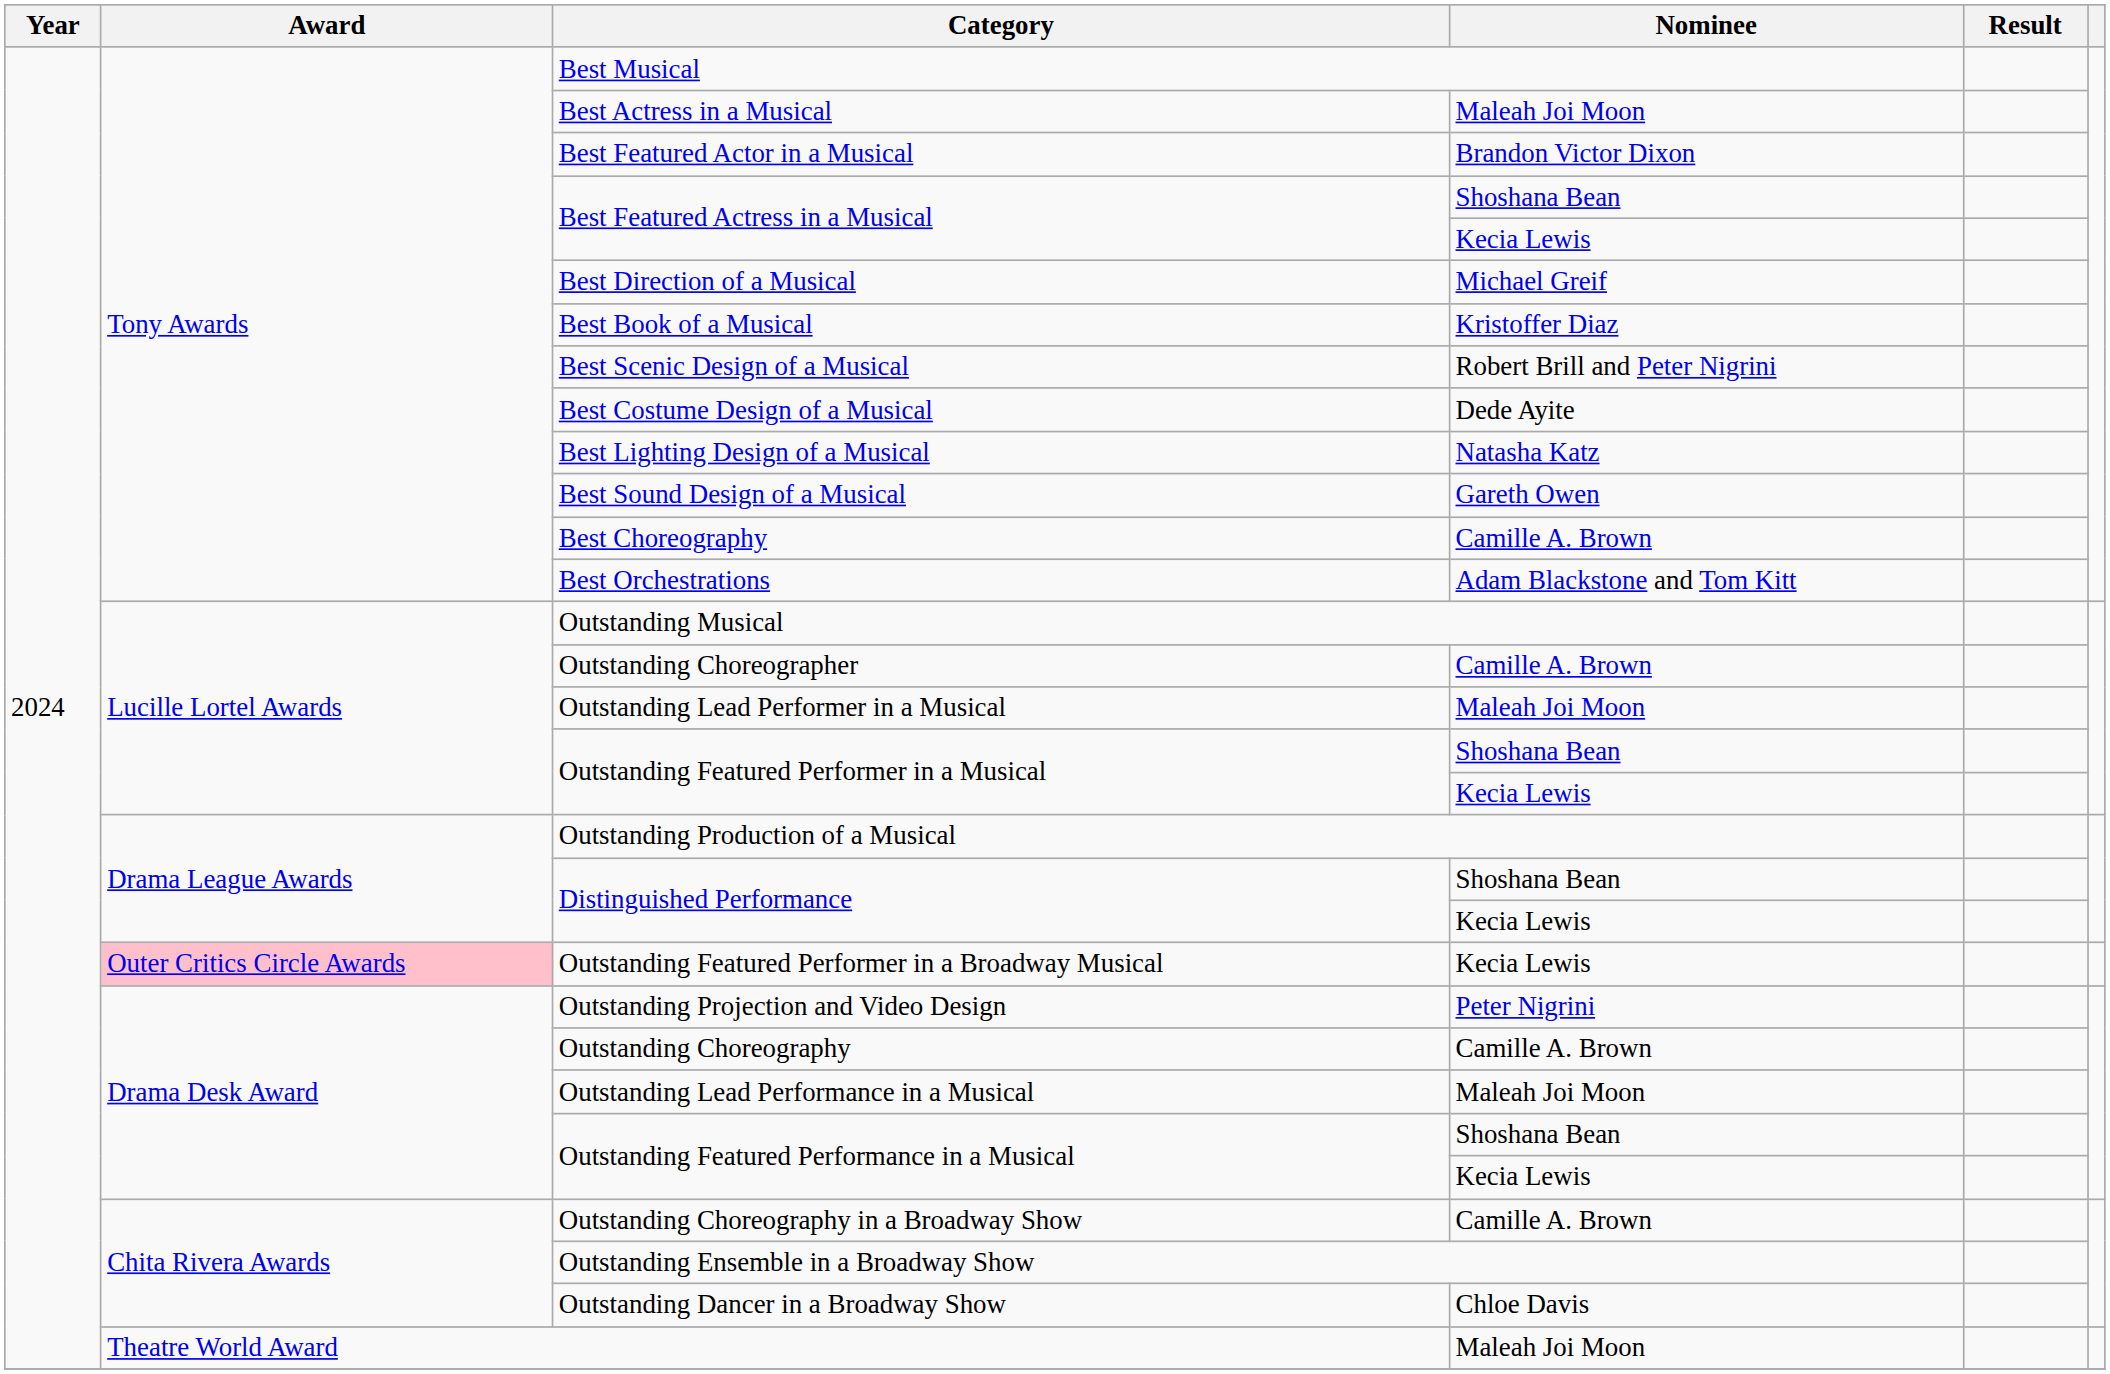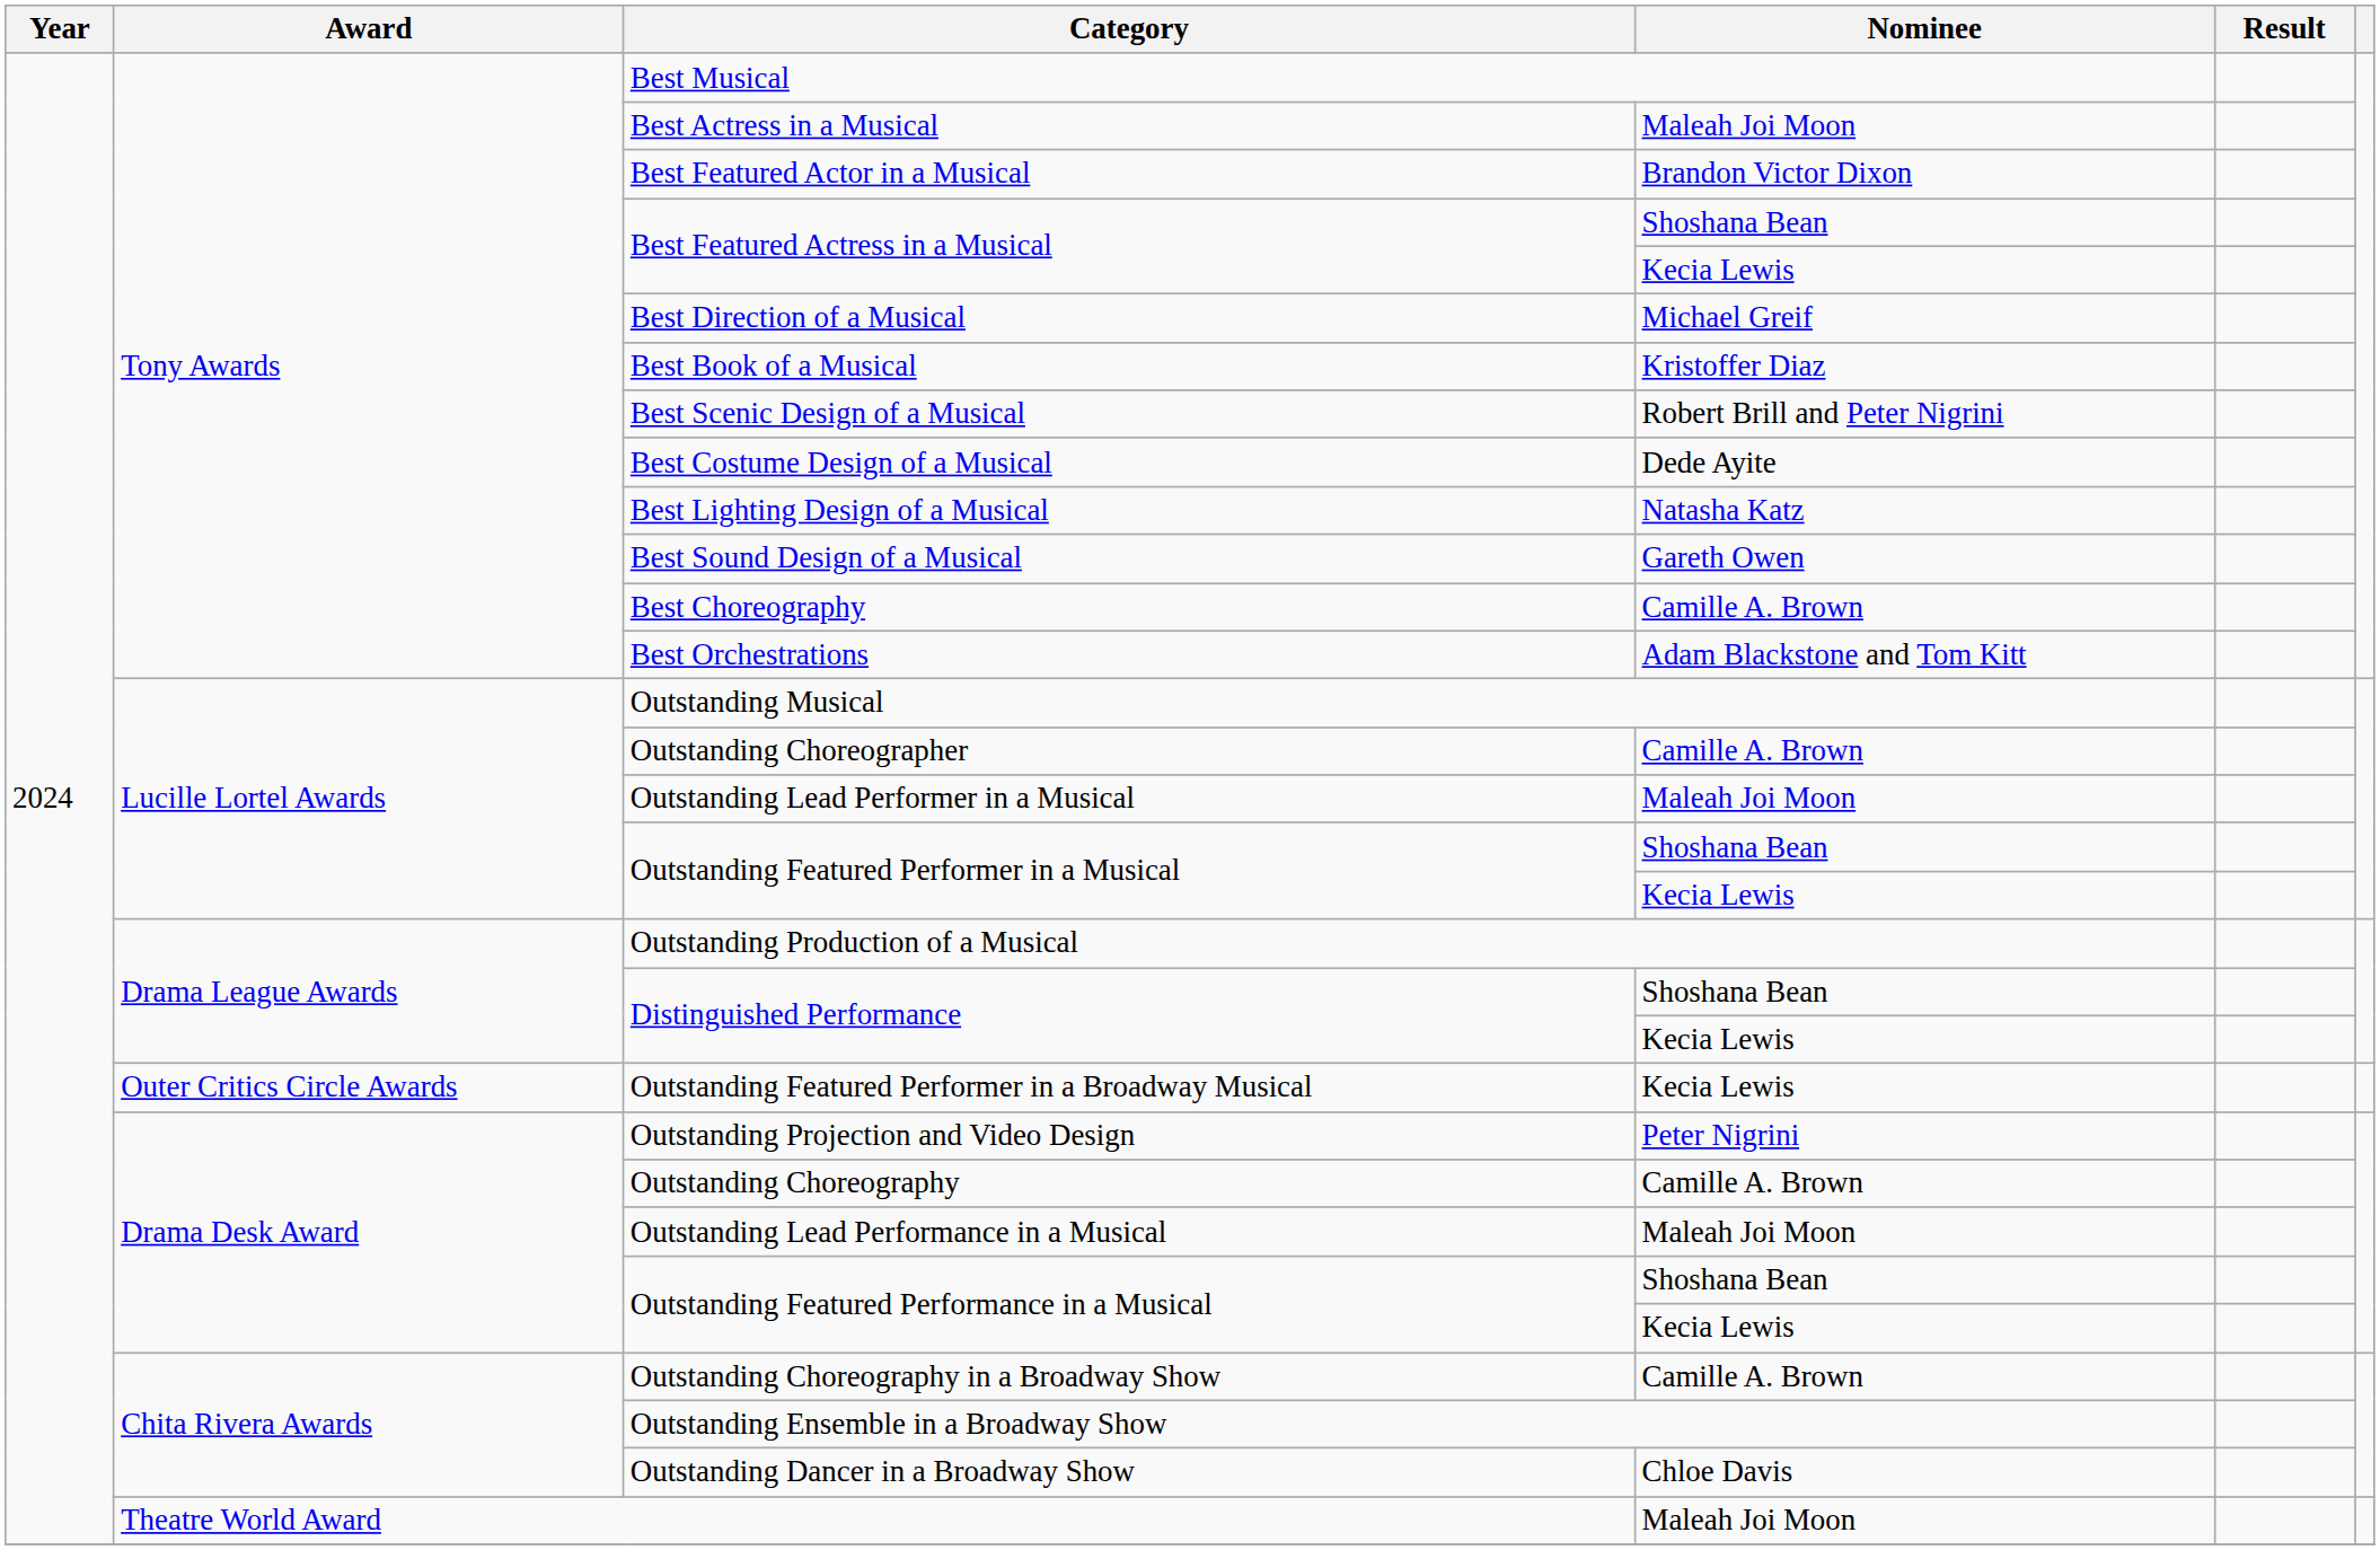 <table class="wikitable plainrowheaders" style="width: 99%">
 <tr>
 <th>Year</th>
 <th scope="col">Award</th>
 <th scope="col">Category</th>
 <th scope="col">Nominee</th>
 <th scope="col">Result</th>
 <th scope="col" class="unsortable"></th>
 </tr>
 <tr>
 <td rowspan="31">2024</td>
 <td rowspan="13"><a href='#'>Tony Awards</a></td>
 <td colspan="2"><a href='#'>Best Musical</a></td>
 <td></td>
 <td rowspan="13"></td>
 </tr>
 <tr>
 <td><a href='#'>Best Actress in a Musical</a></td>
 <td><a href='#'>Maleah Joi Moon</a></td>
 <td></td>
 </tr>
 <tr>
 <td><a href='#'>Best Featured Actor in a Musical</a></td>
 <td><a href='#'>Brandon Victor Dixon</a></td>
 <td></td>
 </tr>
 <tr>
 <td rowspan="2"><a href='#'>Best Featured Actress in a Musical</a></td>
 <td><a href='#'>Shoshana Bean</a></td>
 <td></td>
 </tr>
 <tr>
 <td><a href='#'>Kecia Lewis</a></td>
 <td></td>
 </tr>
 <tr>
 <td><a href='#'>Best Direction of a Musical</a></td>
 <td><a href='#'>Michael Greif</a></td>
 <td></td>
 </tr>
 <tr>
 <td><a href='#'>Best Book of a Musical</a></td>
 <td><a href='#'>Kristoffer Diaz</a></td>
 <td></td>
 </tr>
 <tr>
 <td><a href='#'>Best Scenic Design of a Musical</a></td>
 <td>Robert Brill and <a href='#'>Peter Nigrini</a></td>
 <td></td>
 </tr>
 <tr>
 <td><a href='#'>Best Costume Design of a Musical</a></td>
 <td>Dede Ayite</td>
 <td></td>
 </tr>
 <tr>
 <td><a href='#'>Best Lighting Design of a Musical</a></td>
 <td><a href='#'>Natasha Katz</a></td>
 <td></td>
 </tr>
 <tr>
 <td><a href='#'>Best Sound Design of a Musical</a></td>
 <td><a href='#'>Gareth Owen</a></td>
 <td></td>
 </tr>
 <tr>
 <td><a href='#'>Best Choreography</a></td>
 <td><a href='#'>Camille A. Brown</a></td>
 <td></td>
 </tr>
 <tr>
 <td><a href='#'>Best Orchestrations</a></td>
 <td><a href='#'>Adam Blackstone</a> and <a href='#'>Tom Kitt</a></td>
 <td></td>
 </tr>
 <tr>
 <td rowspan="5"><a href='#'>Lucille Lortel Awards</a></td>
 <td colspan="2">Outstanding Musical</td>
 <td></td>
 <td rowspan="5"></td>
 </tr>
 <tr>
 <td>Outstanding Choreographer</td>
 <td><a href='#'>Camille A. Brown</a></td>
 <td></td>
 </tr>
 <tr>
 <td>Outstanding Lead Performer in a Musical</td>
 <td><a href='#'>Maleah Joi Moon</a></td>
 <td></td>
 </tr>
 <tr>
 <td rowspan="2">Outstanding Featured Performer in a Musical</td>
 <td><a href='#'>Shoshana Bean</a></td>
 <td></td>
 </tr>
 <tr>
 <td><a href='#'>Kecia Lewis</a></td>
 <td></td>
 </tr>
 <tr>
 <td rowspan="3"><a href='#'>Drama League Awards</a></td>
 <td colspan="2">Outstanding Production of a Musical</td>
 <td></td>
 <td rowspan="3"></td>
 </tr>
 <tr>
 <td rowspan="2"><a href='#'>Distinguished Performance</a></td>
 <td>Shoshana Bean</td>
 <td></td>
 </tr>
 <tr>
 <td>Kecia Lewis</td>
 <td></td>
 </tr>
 <tr>
-<td rowspan="1" style="background: pink;"><a href='#'>Outer Critics Circle Awards</a></td>
+<td rowspan="1"><a href='#'>Outer Critics Circle Awards</a></td>
 <td>Outstanding Featured Performer in a Broadway Musical</td>
 <td>Kecia Lewis</td>
 <td></td>
 <td rowspan="1"></td>
 </tr>
 <tr>
 <td rowspan="5"><a href='#'>Drama Desk Award</a></td>
 <td>Outstanding Projection and Video Design</td>
 <td><a href='#'>Peter Nigrini</a></td>
 <td></td>
 <td rowspan="5"></td>
 </tr>
 <tr>
 <td>Outstanding Choreography</td>
 <td>Camille A. Brown</td>
 <td></td>
 </tr>
 <tr>
 <td>Outstanding Lead Performance in a Musical</td>
 <td>Maleah Joi Moon</td>
 <td></td>
 </tr>
 <tr>
 <td rowspan="2">Outstanding Featured Performance in a Musical</td>
 <td>Shoshana Bean</td>
 <td></td>
 </tr>
 <tr>
 <td>Kecia Lewis</td>
 <td></td>
 </tr>
 <tr>
 <td rowspan="3"><a href='#'>Chita Rivera Awards</a></td>
 <td>Outstanding Choreography in a Broadway Show</td>
 <td>Camille A. Brown</td>
 <td></td>
 <td rowspan="3"></td>
 </tr>
 <tr>
 <td colspan="2">Outstanding Ensemble in a Broadway Show</td>
 <td></td>
 </tr>
 <tr>
 <td>Outstanding Dancer in a Broadway Show</td>
 <td>Chloe Davis</td>
 <td></td>
 </tr>
 <tr>
 <td colspan="2"><a href='#'>Theatre World Award</a></td>
 <td>Maleah Joi Moon</td>
 <td></td>
 <td></td>
 </tr>
 <tr>
 </tr>
 </table>
